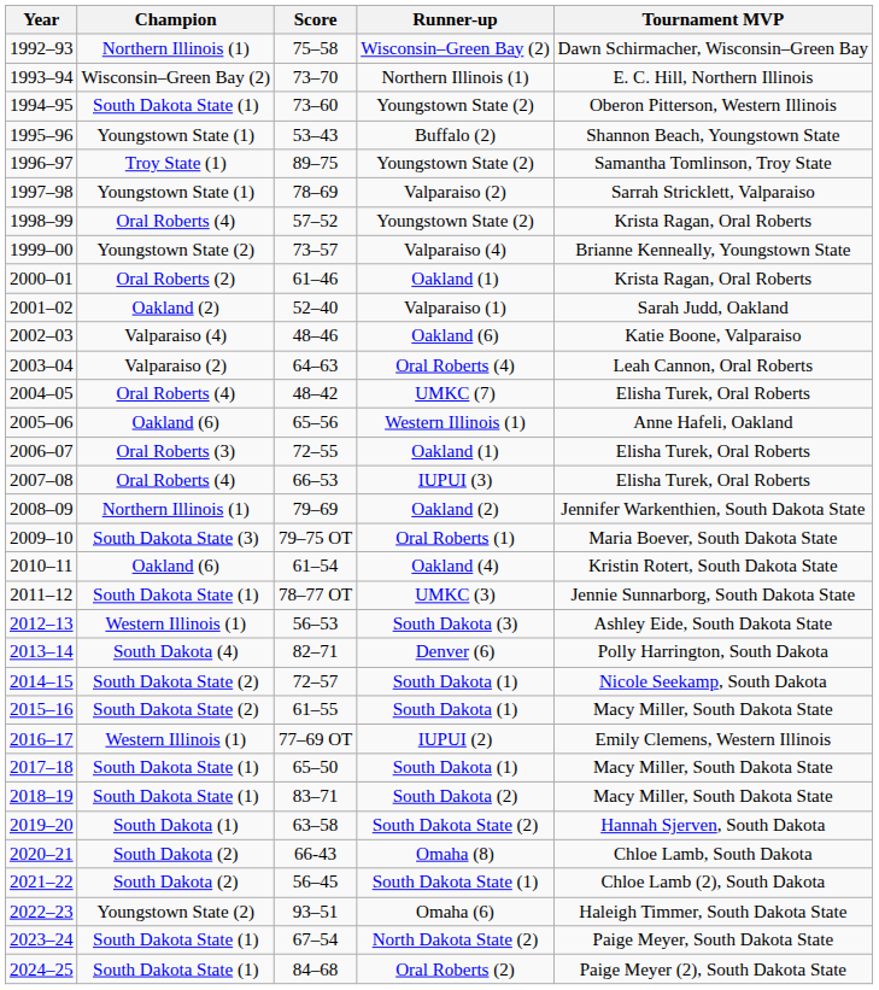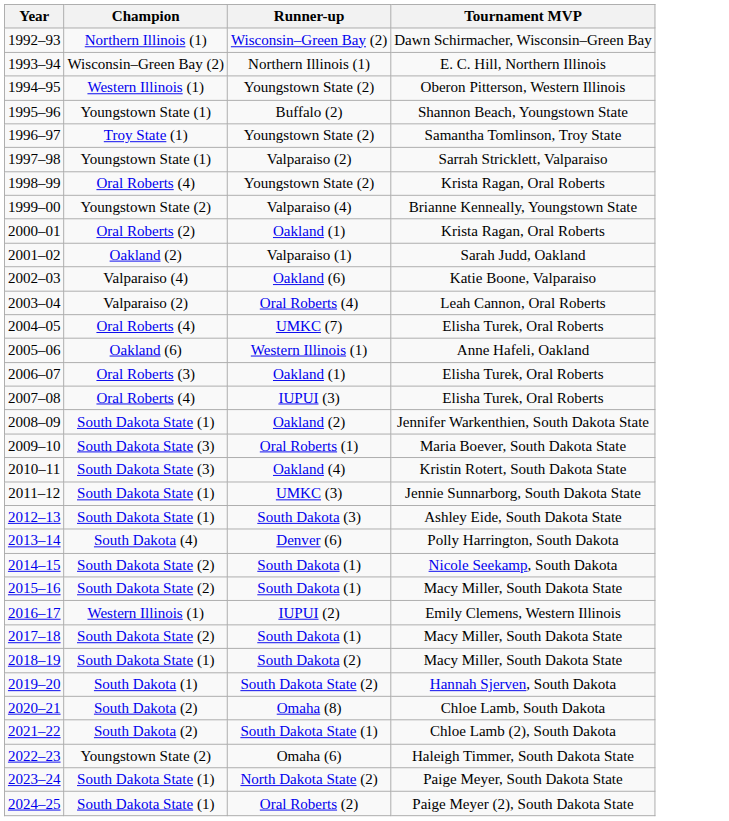 <table class="wikitable sortable" style="text-align:center">
 <tr>
 <th width=px>Year</th>
 <th width=px>Champion</th>
-<th width=px>Score</th>
 <th width=px>Runner-up</th>
 <th width=px>Tournament MVP</th>
 </tr>
 <tr>
 <td>1992–93</td>
 <td><a href='#'>Northern Illinois</a> (1)</td>
-<td>75–58</td>
 <td><a href='#'>Wisconsin–Green Bay</a> (2)</td>
 <td>Dawn Schirmacher, Wisconsin–Green Bay</td>
 </tr>
 <tr>
 <td>1993–94</td>
 <td>Wisconsin–Green Bay (2)</td>
-<td>73–70</td>
 <td>Northern Illinois (1)</td>
 <td>E. C. Hill, Northern Illinois</td>
 </tr>
 <tr>
 <td>1994–95</td>
-<td><a href='#'>South Dakota State</a> (1)</td>
-<td>73–60</td>
+<td><a href='#'>Western Illinois</a> (1)</td>
 <td>Youngstown State (2)</td>
 <td>Oberon Pitterson, Western Illinois</td>
 </tr>
 <tr>
 <td>1995–96</td>
 <td>Youngstown State (1)</td>
-<td>53–43</td>
 <td>Buffalo (2)</td>
 <td>Shannon Beach, Youngstown State</td>
 </tr>
 <tr>
 <td>1996–97</td>
 <td><a href='#'>Troy State</a> (1)</td>
-<td>89–75</td>
 <td>Youngstown State (2)</td>
 <td>Samantha Tomlinson, Troy State</td>
 </tr>
 <tr>
 <td>1997–98</td>
 <td>Youngstown State (1)</td>
-<td>78–69</td>
 <td>Valparaiso (2)</td>
 <td>Sarrah Stricklett, Valparaiso</td>
 </tr>
 <tr>
 <td>1998–99</td>
 <td><a href='#'>Oral Roberts</a> (4)</td>
-<td>57–52</td>
 <td>Youngstown State (2)</td>
 <td>Krista Ragan, Oral Roberts</td>
 </tr>
 <tr>
 <td>1999–00</td>
 <td>Youngstown State (2)</td>
-<td>73–57</td>
 <td>Valparaiso (4)</td>
 <td>Brianne Kenneally, Youngstown State</td>
 </tr>
 <tr>
 <td>2000–01</td>
 <td><a href='#'>Oral Roberts</a> (2)</td>
-<td>61–46</td>
 <td><a href='#'>Oakland</a> (1)</td>
 <td>Krista Ragan, Oral Roberts</td>
 </tr>
 <tr>
 <td>2001–02</td>
 <td><a href='#'>Oakland</a> (2)</td>
-<td>52–40</td>
 <td>Valparaiso (1)</td>
 <td>Sarah Judd, Oakland</td>
 </tr>
 <tr>
 <td>2002–03</td>
 <td>Valparaiso (4)</td>
-<td>48–46</td>
 <td><a href='#'>Oakland</a> (6)</td>
 <td>Katie Boone, Valparaiso</td>
 </tr>
 <tr>
 <td>2003–04</td>
 <td>Valparaiso (2)</td>
-<td>64–63</td>
 <td><a href='#'>Oral Roberts</a> (4)</td>
 <td>Leah Cannon, Oral Roberts</td>
 </tr>
 <tr>
 <td>2004–05</td>
 <td><a href='#'>Oral Roberts</a> (4)</td>
-<td>48–42</td>
 <td><a href='#'>UMKC</a> (7)</td>
 <td>Elisha Turek, Oral Roberts</td>
 </tr>
 <tr>
 <td>2005–06</td>
 <td><a href='#'>Oakland</a> (6)</td>
-<td>65–56</td>
 <td><a href='#'>Western Illinois</a> (1)</td>
 <td>Anne Hafeli, Oakland</td>
 </tr>
 <tr>
 <td>2006–07</td>
 <td><a href='#'>Oral Roberts</a> (3)</td>
-<td>72–55</td>
 <td><a href='#'>Oakland</a> (1)</td>
 <td>Elisha Turek, Oral Roberts</td>
 </tr>
 <tr>
 <td>2007–08</td>
 <td><a href='#'>Oral Roberts</a> (4)</td>
-<td>66–53</td>
 <td><a href='#'>IUPUI</a> (3)</td>
 <td>Elisha Turek, Oral Roberts</td>
 </tr>
 <tr>
 <td>2008–09</td>
-<td><a href='#'>Northern Illinois</a> (1)</td>
-<td>79–69</td>
+<td><a href='#'>South Dakota State</a> (1)</td>
 <td><a href='#'>Oakland</a> (2)</td>
 <td>Jennifer Warkenthien, South Dakota State</td>
 </tr>
 <tr>
 <td>2009–10</td>
 <td><a href='#'>South Dakota State</a> (3)</td>
-<td>79–75 OT</td>
 <td><a href='#'>Oral Roberts</a>  (1)</td>
 <td>Maria Boever, South Dakota State</td>
 </tr>
 <tr>
 <td>2010–11</td>
-<td><a href='#'>Oakland</a> (6)</td>
-<td>61–54</td>
+<td><a href='#'>South Dakota State</a> (3)</td>
 <td><a href='#'>Oakland</a> (4)</td>
 <td>Kristin Rotert, South Dakota State</td>
 </tr>
 <tr>
 <td>2011–12</td>
 <td><a href='#'>South Dakota State</a> (1)</td>
-<td>78–77 OT</td>
 <td><a href='#'>UMKC</a> (3)</td>
 <td>Jennie Sunnarborg, South Dakota State</td>
 </tr>
 <tr>
 <td><a href='#'>2012–13</a></td>
-<td><a href='#'>Western Illinois</a> (1)</td>
-<td>56–53</td>
+<td><a href='#'>South Dakota State</a> (1)</td>
 <td><a href='#'>South Dakota</a> (3)</td>
 <td>Ashley Eide, South Dakota State</td>
 </tr>
 <tr>
 <td><a href='#'>2013–14</a></td>
 <td><a href='#'>South Dakota</a> (4)</td>
-<td>82–71</td>
 <td><a href='#'>Denver</a> (6)</td>
 <td>Polly Harrington, South Dakota</td>
 </tr>
 <tr>
 <td><a href='#'>2014–15</a></td>
 <td><a href='#'>South Dakota State</a> (2)</td>
-<td>72–57</td>
 <td><a href='#'>South Dakota</a> (1)</td>
 <td><a href='#'>Nicole Seekamp</a>, South Dakota</td>
 </tr>
 <tr>
 <td><a href='#'>2015–16</a></td>
 <td><a href='#'>South Dakota State</a> (2)</td>
-<td>61–55</td>
 <td><a href='#'>South Dakota</a> (1)</td>
 <td>Macy Miller, South Dakota State</td>
 </tr>
 <tr>
 <td><a href='#'>2016–17</a></td>
 <td><a href='#'>Western Illinois</a> (1)</td>
-<td>77–69 OT</td>
 <td><a href='#'>IUPUI</a> (2)</td>
 <td>Emily Clemens, Western Illinois</td>
 </tr>
 <tr>
 <td><a href='#'>2017–18</a></td>
-<td><a href='#'>South Dakota State</a> (1)</td>
-<td>65–50</td>
+<td><a href='#'>South Dakota State</a> (2)</td>
 <td><a href='#'>South Dakota</a> (1)</td>
 <td>Macy Miller, South Dakota State</td>
 </tr>
 <tr>
 <td><a href='#'>2018–19</a></td>
 <td><a href='#'>South Dakota State</a> (1)</td>
-<td>83–71</td>
 <td><a href='#'>South Dakota</a> (2)</td>
 <td>Macy Miller, South Dakota State</td>
 </tr>
 <tr>
 <td><a href='#'>2019–20</a></td>
 <td><a href='#'>South Dakota</a> (1)</td>
-<td>63–58</td>
 <td><a href='#'>South Dakota State</a> (2)</td>
 <td><a href='#'>Hannah Sjerven</a>, South Dakota</td>
 </tr>
 <tr>
 <td><a href='#'>2020–21</a></td>
 <td><a href='#'>South Dakota</a> (2)</td>
-<td>66-43</td>
 <td><a href='#'>Omaha</a> (8)</td>
 <td>Chloe Lamb, South Dakota</td>
 </tr>
 <tr>
 <td><a href='#'>2021–22</a></td>
 <td><a href='#'>South Dakota</a> (2)</td>
-<td>56–45</td>
 <td><a href='#'>South Dakota State</a> (1)</td>
 <td>Chloe Lamb (2), South Dakota</td>
 </tr>
 <tr>
 <td><a href='#'>2022–23</a></td>
 <td>Youngstown State (2)</td>
-<td>93–51</td>
 <td>Omaha (6)</td>
 <td>Haleigh Timmer, South Dakota State</td>
 </tr>
 <tr>
 <td><a href='#'>2023–24</a></td>
 <td><a href='#'>South Dakota State</a> (1)</td>
-<td>67–54</td>
 <td><a href='#'>North Dakota State</a> (2)</td>
 <td>Paige Meyer, South Dakota State</td>
 </tr>
 <tr>
 <td><a href='#'>2024–25</a></td>
 <td><a href='#'>South Dakota State</a> (1)</td>
-<td>84–68</td>
 <td><a href='#'>Oral Roberts</a> (2)</td>
 <td>Paige Meyer (2), South Dakota State</td>
 </tr>
 </table>
